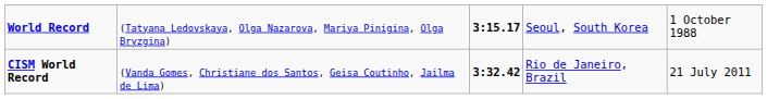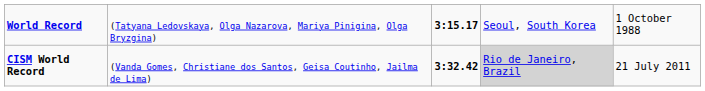 <table class="wikitable">
 <tr>
 <td><strong><a href='#'>World Record</a></strong></td>
 <td><br><small>(<a href='#'>Tatyana Ledovskaya</a>, <a href='#'>Olga Nazarova</a>, <a href='#'>Mariya Pinigina</a>, <a href='#'>Olga Bryzgina</a>)</small></td>
 <td><strong>3:15.17</strong></td>
 <td><a href='#'>Seoul</a>, <a href='#'>South Korea</a></td>
 <td>1 October 1988</td>
 </tr>
 <tr>
 <td><strong><a href='#'>CISM</a> World Record</strong></td>
 <td><br><small>(<a href='#'>Vanda Gomes</a>, <a href='#'>Christiane dos Santos</a>, <a href='#'>Geisa Coutinho</a>, <a href='#'>Jailma de Lima</a>)</small></td>
 <td><strong>3:32.42</strong></td>
-<td><a href='#'>Rio de Janeiro</a>, <a href='#'>Brazil</a></td>
+<td style="background: lightgrey;"><a href='#'>Rio de Janeiro</a>, <a href='#'>Brazil</a></td>
 <td>21 July 2011</td>
 </tr>
 </table>
